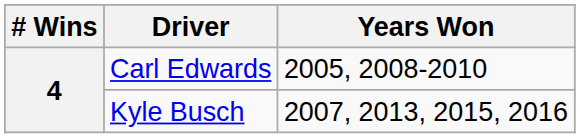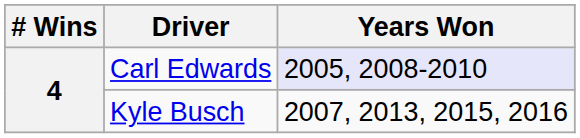 <table class="wikitable" style="font-size: 95%;">
 <tr>
 <th># Wins</th>
 <th>Driver</th>
 <th>Years Won</th>
 </tr>
 <tr>
 <th rowspan="2">4</th>
 <td><a href='#'>Carl Edwards</a></td>
-<td>2005, 2008-2010</td>
+<td style="background: lavender;">2005, 2008-2010</td>
 </tr>
 <tr>
 <td><a href='#'>Kyle Busch</a></td>
 <td>2007, 2013, 2015, 2016</td>
 </tr>
 </table>
